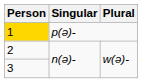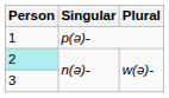 <table class="wikitable">
 <tr>
 <th>Person</th>
 <th>Singular</th>
 <th>Plural</th>
 </tr>
 <tr>
-<td style="background: gold;">1</td>
+<td>1</td>
 <td colspan="2"><em>p(ə)-</em></td>
 </tr>
 <tr>
-<td>2</td>
+<td style="background: paleturquoise;">2</td>
 <td rowspan="2"><em>n(ə)-</em></td>
 <td rowspan="2"><em>w(ə)-</em></td>
 </tr>
 <tr>
 <td>3</td>
 </tr>
 </table>
